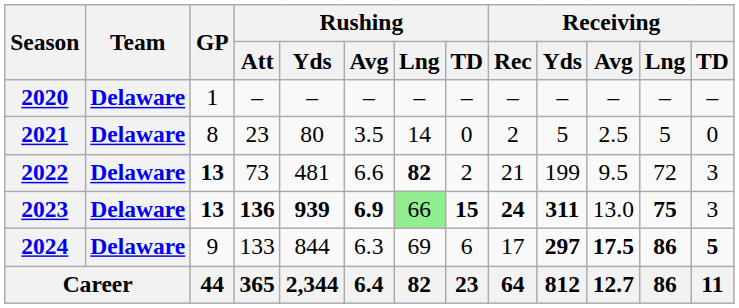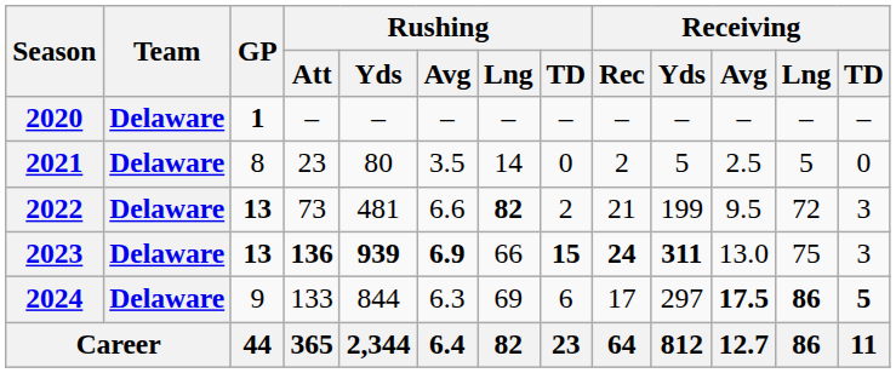 <table class="wikitable" style="text-align:center;">
 <tr>
 <th rowspan="2">Season</th>
 <th rowspan="2">Team</th>
 <th rowspan="2">GP</th>
 <th colspan="5">Rushing</th>
 <th colspan="5">Receiving</th>
 </tr>
 <tr>
 <th>Att</th>
 <th>Yds</th>
 <th>Avg</th>
 <th>Lng</th>
 <th>TD</th>
 <th>Rec</th>
 <th>Yds</th>
 <th>Avg</th>
 <th>Lng</th>
 <th>TD</th>
 </tr>
 <tr>
 <th><a href='#'>2020</a></th>
 <th><a href='#'>Delaware</a></th>
-<td>1</td>
+<td><strong>1</strong></td>
 <td>–</td>
 <td>–</td>
 <td>–</td>
 <td>–</td>
 <td>–</td>
 <td>–</td>
 <td>–</td>
 <td>–</td>
 <td>–</td>
 <td>–</td>
 </tr>
 <tr>
 <th><a href='#'>2021</a></th>
 <th><a href='#'>Delaware</a></th>
 <td>8</td>
 <td>23</td>
 <td>80</td>
 <td>3.5</td>
 <td>14</td>
 <td>0</td>
 <td>2</td>
 <td>5</td>
 <td>2.5</td>
 <td>5</td>
 <td>0</td>
 </tr>
 <tr>
 <th><a href='#'>2022</a></th>
 <th><a href='#'>Delaware</a></th>
 <td><strong>13</strong></td>
 <td>73</td>
 <td>481</td>
 <td>6.6</td>
 <td><strong>82</strong></td>
 <td>2</td>
 <td>21</td>
 <td>199</td>
 <td>9.5</td>
 <td>72</td>
 <td>3</td>
 </tr>
 <tr |->
 <th><a href='#'>2023</a></th>
 <th><a href='#'>Delaware</a></th>
 <td><strong>13</strong></td>
 <td><strong>136</strong></td>
 <td><strong>939</strong></td>
 <td><strong>6.9</strong></td>
-<td style="background: lightgreen;">66</td>
+<td>66</td>
 <td><strong>15</strong></td>
 <td><strong>24</strong></td>
 <td><strong>311</strong></td>
 <td>13.0</td>
-<td><strong>75</strong></td>
+<td>75</td>
 <td>3</td>
 </tr>
 <tr |-|->
 <th><a href='#'>2024</a></th>
 <th><a href='#'>Delaware</a></th>
 <td>9</td>
 <td>133</td>
 <td>844</td>
 <td>6.3</td>
 <td>69</td>
 <td>6</td>
 <td>17</td>
-<td><strong>297</strong></td>
+<td>297</td>
 <td><strong>17.5</strong></td>
 <td><strong>86</strong></td>
 <td><strong>5</strong></td>
 </tr>
 <tr>
 <th colspan="2">Career</th>
 <th>44</th>
 <th>365</th>
 <th>2,344</th>
 <th>6.4</th>
 <th>82</th>
 <th>23</th>
 <th>64</th>
 <th>812</th>
 <th>12.7</th>
 <th>86</th>
 <th>11</th>
 </tr>
 </table>
